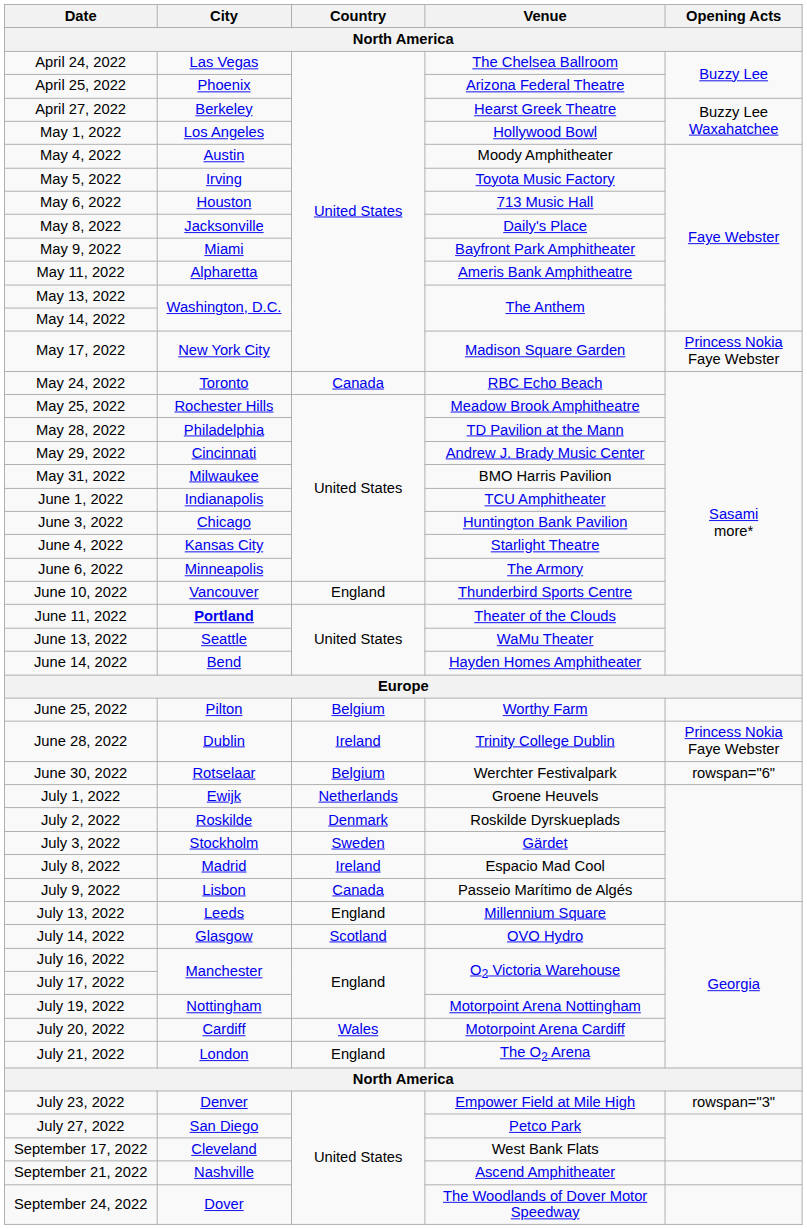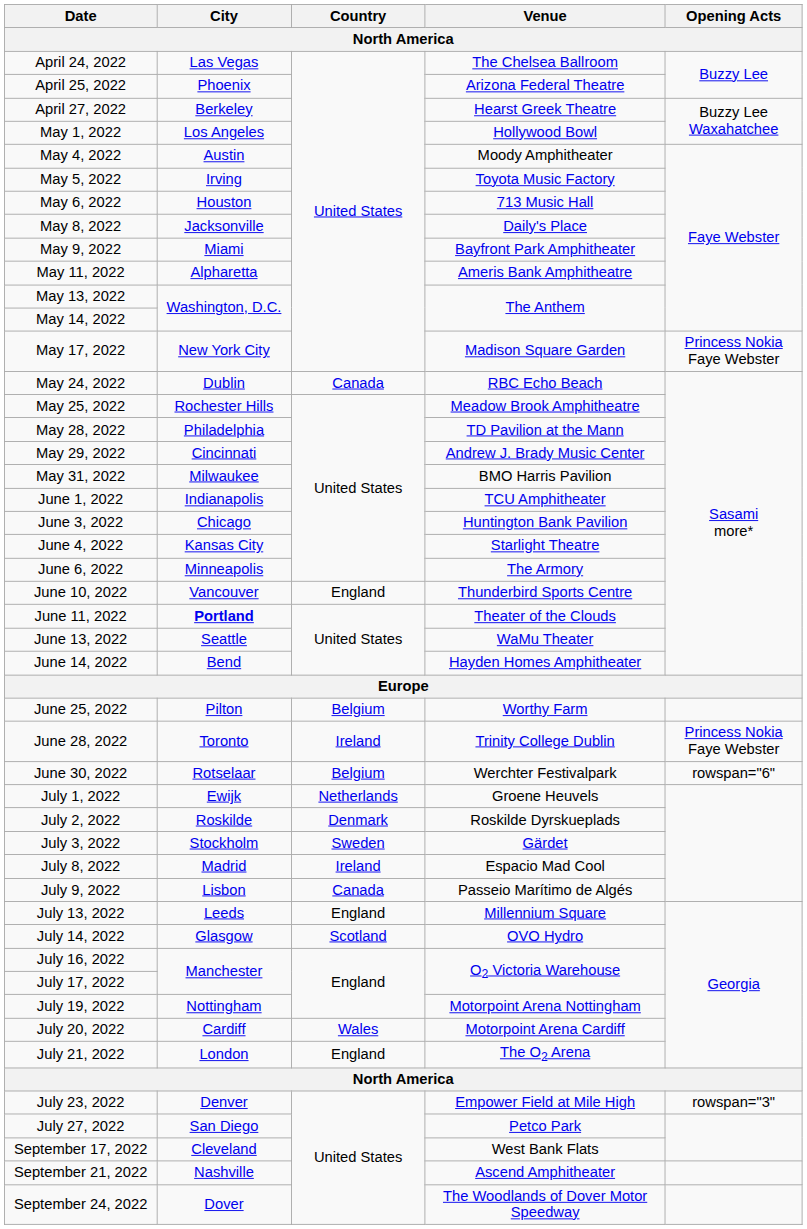 <table class="wikitable" style="text-align:center;">
 <tr>
 <th scope="col" style="width:12em;">Date</th>
 <th scope="col" style="width:10em;">City</th>
 <th scope="col" style="width:10em;">Country</th>
 <th scope="col" style="width:20em;">Venue</th>
 <th scope="col" style="width:10em;">Opening Acts</th>
 </tr>
 <tr>
 <th colspan="5">North America</th>
 </tr>
 <tr>
 <td>April 24, 2022</td>
 <td><a href='#'>Las Vegas</a></td>
 <td rowspan="13"><a href='#'>United States</a></td>
 <td><a href='#'>The Chelsea Ballroom</a></td>
 <td rowspan="2"><a href='#'>Buzzy Lee</a></td>
 </tr>
 <tr>
 <td>April 25, 2022</td>
 <td><a href='#'>Phoenix</a></td>
 <td><a href='#'>Arizona Federal Theatre</a></td>
 </tr>
 <tr>
 <td>April 27, 2022</td>
 <td><a href='#'>Berkeley</a></td>
 <td><a href='#'>Hearst Greek Theatre</a></td>
 <td rowspan="2">Buzzy Lee<br><a href='#'>Waxahatchee</a></td>
 </tr>
 <tr>
 <td>May 1, 2022</td>
 <td><a href='#'>Los Angeles</a></td>
 <td><a href='#'>Hollywood Bowl</a></td>
 </tr>
 <tr>
 <td>May 4, 2022</td>
 <td><a href='#'>Austin</a></td>
 <td>Moody Amphitheater</td>
 <td rowspan="8"><a href='#'>Faye Webster</a></td>
 </tr>
 <tr>
 <td>May 5, 2022</td>
 <td><a href='#'>Irving</a></td>
 <td><a href='#'>Toyota Music Factory</a></td>
 </tr>
 <tr>
 <td>May 6, 2022</td>
 <td><a href='#'>Houston</a></td>
 <td><a href='#'>713 Music Hall</a></td>
 </tr>
 <tr>
 <td>May 8, 2022</td>
 <td><a href='#'>Jacksonville</a></td>
 <td><a href='#'>Daily's Place</a></td>
 </tr>
 <tr>
 <td>May 9, 2022</td>
 <td><a href='#'>Miami</a></td>
 <td><a href='#'>Bayfront Park Amphitheater</a></td>
 </tr>
 <tr>
 <td>May 11, 2022</td>
 <td><a href='#'>Alpharetta</a></td>
 <td><a href='#'>Ameris Bank Amphitheatre</a></td>
 </tr>
 <tr>
 <td>May 13, 2022</td>
 <td rowspan="2"><a href='#'>Washington, D.C.</a></td>
 <td rowspan="2"><a href='#'>The Anthem</a></td>
 </tr>
 <tr>
 <td>May 14, 2022</td>
 </tr>
 <tr>
 <td>May 17, 2022</td>
 <td><a href='#'>New York City</a></td>
 <td><a href='#'>Madison Square Garden</a></td>
 <td><a href='#'>Princess Nokia</a><br>Faye Webster</td>
 </tr>
 <tr>
 <td>May 24, 2022</td>
-<td><a href='#'>Toronto</a></td>
+<td><a href='#'>Dublin</a></td>
 <td><a href='#'>Canada</a></td>
 <td><a href='#'>RBC Echo Beach</a></td>
 <td rowspan="13"><a href='#'>Sasami</a><br>more*</td>
 </tr>
 <tr>
 <td>May 25, 2022</td>
 <td><a href='#'>Rochester Hills</a></td>
 <td rowspan="8">United States</td>
 <td><a href='#'>Meadow Brook Amphitheatre</a></td>
 </tr>
 <tr>
 <td>May 28, 2022</td>
 <td><a href='#'>Philadelphia</a></td>
 <td><a href='#'>TD Pavilion at the Mann</a></td>
 </tr>
 <tr>
 <td>May 29, 2022</td>
 <td><a href='#'>Cincinnati</a></td>
 <td><a href='#'>Andrew J. Brady Music Center</a></td>
 </tr>
 <tr>
 <td>May 31, 2022</td>
 <td><a href='#'>Milwaukee</a></td>
 <td>BMO Harris Pavilion</td>
 </tr>
 <tr>
 <td>June 1, 2022</td>
 <td><a href='#'>Indianapolis</a></td>
 <td><a href='#'>TCU Amphitheater</a></td>
 </tr>
 <tr>
 <td>June 3, 2022</td>
 <td><a href='#'>Chicago</a></td>
 <td><a href='#'>Huntington Bank Pavilion</a></td>
 </tr>
 <tr>
 <td>June 4, 2022</td>
 <td><a href='#'>Kansas City</a></td>
 <td><a href='#'>Starlight Theatre</a></td>
 </tr>
 <tr>
 <td>June 6, 2022</td>
 <td><a href='#'>Minneapolis</a></td>
 <td><a href='#'>The Armory</a></td>
 </tr>
 <tr>
 <td>June 10, 2022</td>
 <td><a href='#'>Vancouver</a></td>
 <td>England</td>
 <td><a href='#'>Thunderbird Sports Centre</a></td>
 </tr>
 <tr>
 <td>June 11, 2022</td>
 <td><strong><a href='#'>Portland</a></strong></td>
 <td rowspan="3">United States</td>
 <td><a href='#'>Theater of the Clouds</a></td>
 </tr>
 <tr>
 <td>June 13, 2022</td>
 <td><a href='#'>Seattle</a></td>
 <td><a href='#'>WaMu Theater</a></td>
 </tr>
 <tr>
 <td>June 14, 2022</td>
 <td><a href='#'>Bend</a></td>
 <td><a href='#'>Hayden Homes Amphitheater</a></td>
 </tr>
 <tr>
 <th colspan="5">Europe</th>
 </tr>
 <tr>
 <td>June 25, 2022</td>
 <td><a href='#'>Pilton</a></td>
 <td><a href='#'>Belgium</a></td>
 <td><a href='#'>Worthy Farm</a></td>
 <td></td>
 </tr>
 <tr>
 <td>June 28, 2022</td>
-<td><a href='#'>Dublin</a></td>
+<td><a href='#'>Toronto</a></td>
 <td><a href='#'>Ireland</a></td>
 <td><a href='#'>Trinity College Dublin</a></td>
 <td><a href='#'>Princess Nokia</a><br>Faye Webster</td>
 </tr>
 <tr>
 <td>June 30, 2022</td>
 <td><a href='#'>Rotselaar</a></td>
 <td><a href='#'>Belgium</a></td>
 <td>Werchter Festivalpark</td>
 <td>rowspan="6" </td>
 </tr>
 <tr>
 <td>July 1, 2022</td>
 <td><a href='#'>Ewijk</a></td>
 <td><a href='#'>Netherlands</a></td>
 <td>Groene Heuvels</td>
 </tr>
 <tr>
 <td>July 2, 2022</td>
 <td><a href='#'>Roskilde</a></td>
 <td><a href='#'>Denmark</a></td>
 <td>Roskilde Dyrskueplads</td>
 </tr>
 <tr>
 <td>July 3, 2022</td>
 <td><a href='#'>Stockholm</a></td>
 <td><a href='#'>Sweden</a></td>
 <td><a href='#'>Gärdet</a></td>
 </tr>
 <tr>
 <td>July 8, 2022</td>
 <td><a href='#'>Madrid</a></td>
 <td><a href='#'>Ireland</a></td>
 <td>Espacio Mad Cool</td>
 </tr>
 <tr>
 <td>July 9, 2022</td>
 <td><a href='#'>Lisbon</a></td>
 <td><a href='#'>Canada</a></td>
 <td>Passeio Marítimo de Algés</td>
 </tr>
 <tr>
 <td>July 13, 2022</td>
 <td><a href='#'>Leeds</a></td>
 <td>England</td>
 <td><a href='#'>Millennium Square</a></td>
 <td rowspan="7"><a href='#'>Georgia</a></td>
 </tr>
 <tr>
 <td>July 14, 2022</td>
 <td><a href='#'>Glasgow</a></td>
 <td><a href='#'>Scotland</a></td>
 <td><a href='#'>OVO Hydro</a></td>
 </tr>
 <tr>
 <td>July 16, 2022</td>
 <td rowspan="2"><a href='#'>Manchester</a></td>
 <td rowspan="3">England</td>
 <td rowspan="2"><a href='#'>O<sub>2</sub> Victoria Warehouse</a></td>
 </tr>
 <tr>
 <td>July 17, 2022</td>
 </tr>
 <tr>
 <td>July 19, 2022</td>
 <td><a href='#'>Nottingham</a></td>
 <td><a href='#'>Motorpoint Arena Nottingham</a></td>
 </tr>
 <tr>
 <td>July 20, 2022</td>
 <td><a href='#'>Cardiff</a></td>
 <td><a href='#'>Wales</a></td>
 <td><a href='#'>Motorpoint Arena Cardiff</a></td>
 </tr>
 <tr>
 <td>July 21, 2022</td>
 <td><a href='#'>London</a></td>
 <td>England</td>
 <td><a href='#'>The O<sub>2</sub> Arena</a></td>
 </tr>
 <tr>
 <th colspan="5">North America</th>
 </tr>
 <tr>
 <td>July 23, 2022</td>
 <td><a href='#'>Denver</a></td>
 <td rowspan="6">United States</td>
 <td><a href='#'>Empower Field at Mile High</a></td>
 <td>rowspan="3" </td>
 </tr>
 <tr>
 <td>July 27, 2022</td>
 <td><a href='#'>San Diego</a></td>
 <td><a href='#'>Petco Park</a></td>
 </tr>
 <tr>
 <td>September 17, 2022</td>
 <td><a href='#'>Cleveland</a></td>
 <td>West Bank Flats</td>
 </tr>
 <tr>
 <td>September 21, 2022</td>
 <td><a href='#'>Nashville</a></td>
 <td><a href='#'>Ascend Amphitheater</a></td>
 <td></td>
 </tr>
 <tr>
 <td>September 24, 2022</td>
 <td><a href='#'>Dover</a></td>
 <td><a href='#'>The Woodlands of Dover Motor Speedway</a></td>
 <td></td>
 </tr>
 </table>
